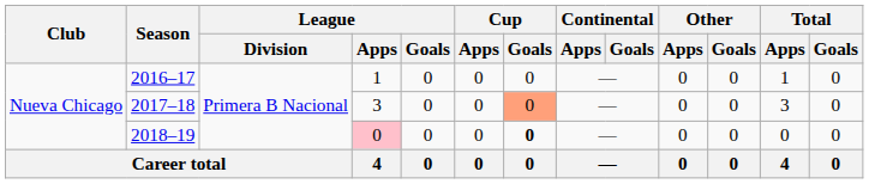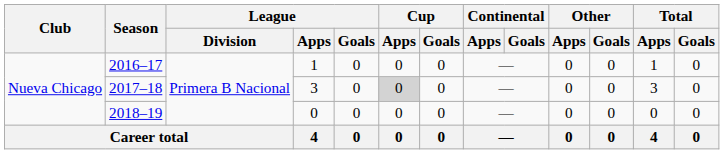 <table class="wikitable" style="text-align:center">
 <tr>
 <th rowspan="2">Club</th>
 <th rowspan="2">Season</th>
 <th colspan="3">League</th>
 <th colspan="2">Cup</th>
 <th colspan="2">Continental</th>
 <th colspan="2">Other</th>
 <th colspan="2">Total</th>
 </tr>
 <tr>
 <th>Division</th>
 <th>Apps</th>
 <th>Goals</th>
 <th>Apps</th>
 <th>Goals</th>
 <th>Apps</th>
 <th>Goals</th>
 <th>Apps</th>
 <th>Goals</th>
 <th>Apps</th>
 <th>Goals</th>
 </tr>
 <tr>
 <td rowspan="3"><a href='#'>Nueva Chicago</a></td>
 <td><a href='#'>2016–17</a></td>
 <td rowspan="3"><a href='#'>Primera B Nacional</a></td>
 <td>1</td>
 <td>0</td>
 <td>0</td>
 <td>0</td>
 <td colspan="2">—</td>
 <td>0</td>
 <td>0</td>
 <td>1</td>
 <td>0</td>
 </tr>
 <tr>
 <td><a href='#'>2017–18</a></td>
 <td>3</td>
 <td>0</td>
+<td style="background: lightgrey;">0</td>
 <td>0</td>
-<td style="background: lightsalmon;">0</td>
 <td colspan="2">—</td>
 <td>0</td>
 <td>0</td>
 <td>3</td>
 <td>0</td>
 </tr>
 <tr>
 <td><a href='#'>2018–19</a></td>
-<td style="background: pink;">0</td>
 <td>0</td>
 <td>0</td>
-<td><strong>0</strong></td>
+<td>0</td>
+<td>0</td>
 <td colspan="2">—</td>
 <td>0</td>
 <td>0</td>
 <td>0</td>
 <td>0</td>
 </tr>
 <tr>
 <th colspan="3">Career total</th>
 <th>4</th>
 <th>0</th>
 <th>0</th>
 <th>0</th>
 <th colspan="2">—</th>
 <th>0</th>
 <th>0</th>
 <th>4</th>
 <th>0</th>
 </tr>
 </table>
